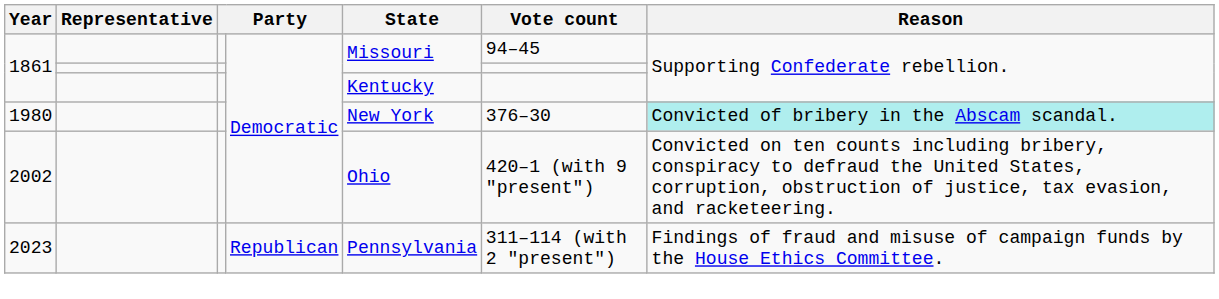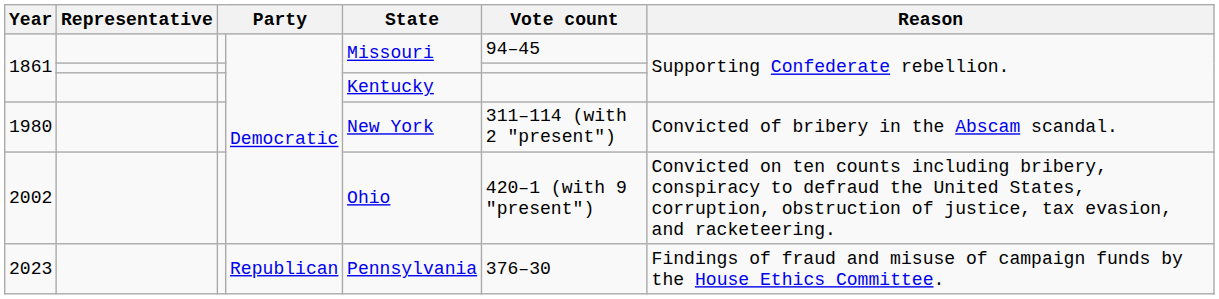 <table class="wikitable sortable">
 <tr>
 <th>Year</th>
 <th>Representative</th>
 <th colspan=2>Party</th>
 <th>State</th>
 <th>Vote count</th>
 <th class=unsortable>Reason</th>
 </tr>
 <tr>
 <td rowspan=3>1861</td>
 <td></td>
 <td style="background-color:"></td>
 <td rowspan=5><a href='#'>Democratic</a></td>
 <td rowspan=2><a href='#'>Missouri</a></td>
 <td>94–45</td>
 <td rowspan=3>Supporting <a href='#'>Confederate</a> rebellion.</td>
 </tr>
 <tr>
 <td></td>
 <td style="background-color:"></td>
 </tr>
 <tr>
 <td></td>
 <td style="background-color:"></td>
 <td><a href='#'>Kentucky</a></td>
 <td></td>
 </tr>
 <tr>
 <td>1980</td>
 <td></td>
 <td style="background-color:"></td>
 <td><a href='#'>New York</a></td>
-<td>376–30</td>
-<td style="background: paleturquoise;">Convicted of bribery in the <a href='#'>Abscam</a> scandal.</td>
+<td>311–114 (with 2 "present")</td>
+<td>Convicted of bribery in the <a href='#'>Abscam</a> scandal.</td>
 </tr>
 <tr>
 <td>2002</td>
 <td></td>
 <td style="background-color:"></td>
 <td><a href='#'>Ohio</a></td>
 <td>420–1 (with 9 "present")</td>
 <td>Convicted on ten counts including bribery, conspiracy to defraud the United States, corruption, obstruction of justice, tax evasion, and racketeering.</td>
 </tr>
 <tr>
 <td>2023</td>
 <td></td>
 <td style="background-color:"></td>
 <td><a href='#'>Republican</a></td>
 <td><a href='#'>Pennsylvania</a></td>
-<td>311–114 (with 2 "present")</td>
+<td>376–30</td>
 <td>Findings of fraud and misuse of campaign funds by the <a href='#'>House Ethics Committee</a>.</td>
 </tr>
 </table>
